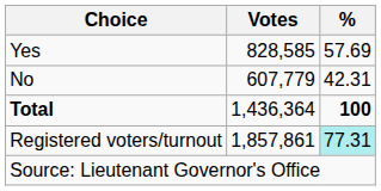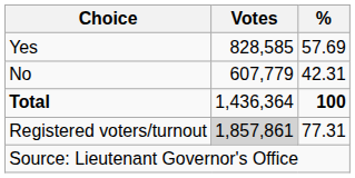 <table class="wikitable" style="text-align:right">
 <tr>
 <th>Choice</th>
 <th>Votes</th>
 <th>%</th>
 </tr>
 <tr>
 <td align="left"> Yes</td>
 <td>828,585</td>
 <td>57.69</td>
 </tr>
 <tr>
 <td align="left">No</td>
 <td>607,779</td>
 <td>42.31</td>
 </tr>
 <tr>
 <td align="left"><strong>Total</strong></td>
 <td>1,436,364</td>
 <td><strong>100</strong></td>
 </tr>
 <tr>
 <td align="left">Registered voters/turnout</td>
-<td>1,857,861</td>
-<td style="background: paleturquoise;">77.31</td>
+<td style="background: lightgrey;">1,857,861</td>
+<td>77.31</td>
 </tr>
 <tr>
 <td colspan="3" align="left">Source: Lieutenant Governor's Office</td>
 </tr>
 </table>
